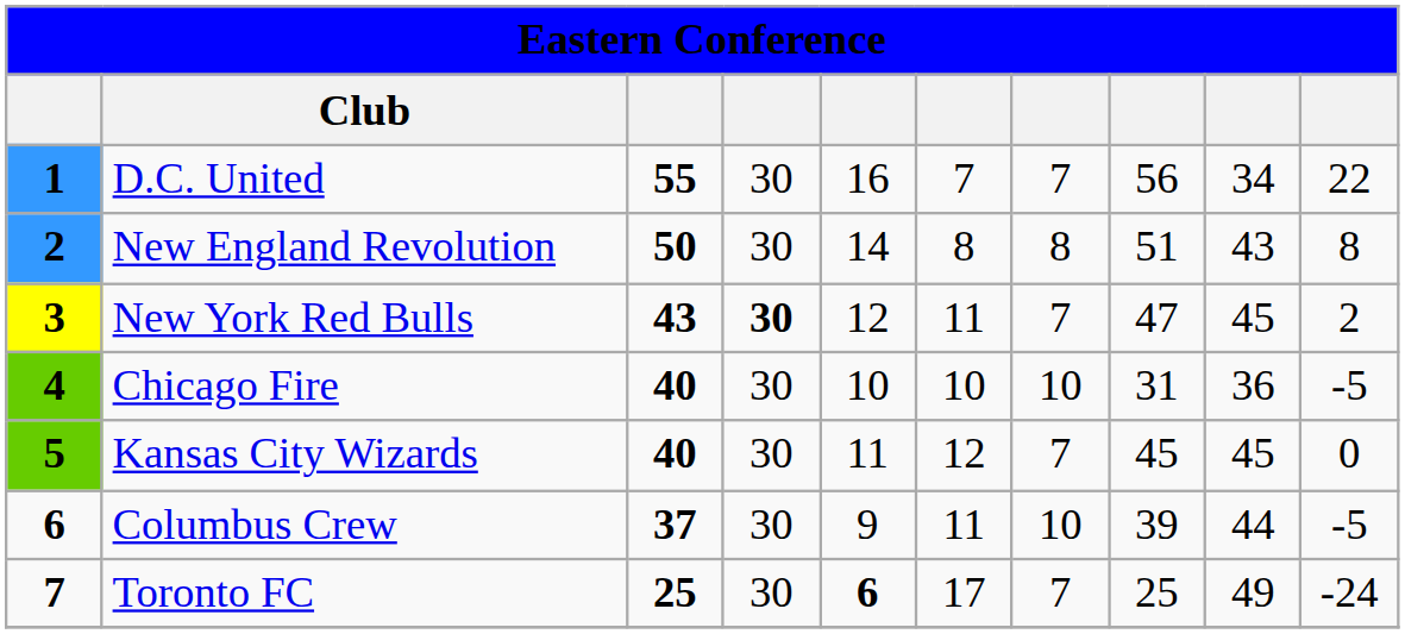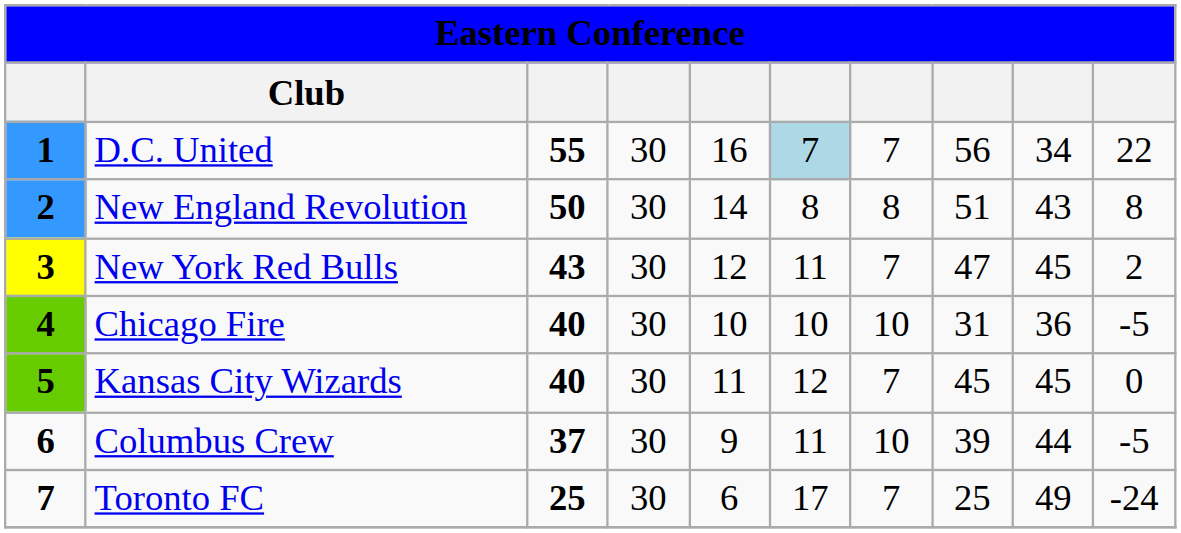 <table class="wikitable">
 <tr>
 <td colspan=10 align=center bgcolor=blue><span><strong>Eastern Conference</strong></span></td>
 </tr>
 <tr>
 <th width=28></th>
 <th width=185>Club</th>
 <th width=28></th>
 <th width=28></th>
 <th width=28></th>
 <th width=28></th>
 <th width=28></th>
 <th width=28></th>
 <th width=28></th>
 <th width=28></th>
 </tr>
 <tr>
 <td bgcolor=#3399FF align=center><strong>1</strong></td>
 <td><a href='#'>D.C. United</a></td>
 <td align=center><strong>55</strong></td>
 <td align=center>30</td>
 <td align=center>16</td>
-<td align=center>7</td>
+<td align=center style="background: lightblue;">7</td>
 <td align=center>7</td>
 <td align=center>56</td>
 <td align=center>34</td>
 <td align=center>22</td>
 </tr>
 <tr>
 <td bgcolor=#3399FF align=center><strong>2</strong></td>
 <td><a href='#'>New England Revolution</a></td>
 <td align=center><strong>50</strong></td>
 <td align=center>30</td>
 <td align=center>14</td>
 <td align=center>8</td>
 <td align=center>8</td>
 <td align=center>51</td>
 <td align=center>43</td>
 <td align=center>8</td>
 </tr>
 <tr>
 <td bgcolor=#FFFF00 align=center><strong>3</strong></td>
 <td><a href='#'>New York Red Bulls</a></td>
 <td align=center><strong>43</strong></td>
-<td align=center><strong>30</strong></td>
+<td align=center>30</td>
 <td align=center>12</td>
 <td align=center>11</td>
 <td align=center>7</td>
 <td align=center>47</td>
 <td align=center>45</td>
 <td align=center>2</td>
 </tr>
 <tr>
 <td bgcolor=#66CC00 align=center><strong>4</strong></td>
 <td><a href='#'>Chicago Fire</a></td>
 <td align=center><strong>40</strong></td>
 <td align=center>30</td>
 <td align=center>10</td>
 <td align=center>10</td>
 <td align=center>10</td>
 <td align=center>31</td>
 <td align=center>36</td>
 <td align=center>-5</td>
 </tr>
 <tr>
 <td bgcolor=#66CC00 align=center><strong>5</strong></td>
 <td><a href='#'>Kansas City Wizards</a></td>
 <td align=center><strong>40</strong></td>
 <td align=center>30</td>
 <td align=center>11</td>
 <td align=center>12</td>
 <td align=center>7</td>
 <td align=center>45</td>
 <td align=center>45</td>
 <td align=center>0</td>
 </tr>
 <tr>
 <td align=center><strong>6</strong></td>
 <td><a href='#'>Columbus Crew</a></td>
 <td align=center><strong>37</strong></td>
 <td align=center>30</td>
 <td align=center>9</td>
 <td align=center>11</td>
 <td align=center>10</td>
 <td align=center>39</td>
 <td align=center>44</td>
 <td align=center>-5</td>
 </tr>
 <tr>
 <td align=center><strong>7</strong></td>
 <td><a href='#'>Toronto FC</a></td>
 <td align=center><strong>25</strong></td>
 <td align=center>30</td>
-<td align=center><strong>6</strong></td>
+<td align=center>6</td>
 <td align=center>17</td>
 <td align=center>7</td>
 <td align=center>25</td>
 <td align=center>49</td>
 <td align=center>-24</td>
 </tr>
 <tr>
 </tr>
 </table>
